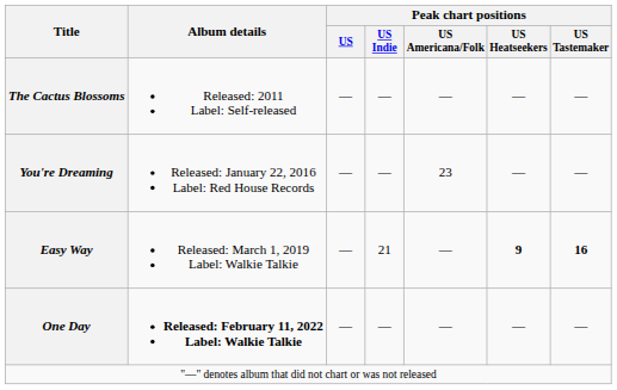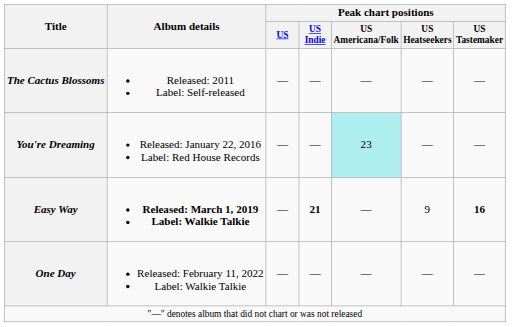 <table class="wikitable plainrowheaders" style="text-align:center;">
 <tr>
 <th rowspan="2" scope="col">Title</th>
 <th rowspan="2" scope="col">Album details</th>
 <th colspan="5" scope="col">Peak chart positions</th>
 </tr>
 <tr>
 <th scope="col" style="width:3em;font-size:85%;"><a href='#'>US</a></th>
 <th scope="col" style="width:3em;font-size:85%;"><a href='#'>US<br>Indie</a></th>
 <th scope="col" style="width:3em;font-size:85%;">US Americana/Folk</th>
 <th scope="col" style="width:3em;font-size:85%;">US Heatseekers</th>
 <th scope="col" style="width:3em;font-size:85%;">US Tastemaker</th>
 </tr>
 <tr>
 <th scope="row"><strong><em>The Cactus Blossoms</em></strong></th>
 <td><br><ul><li>Released: 2011</li><li>Label: Self-released</li></ul></td>
 <td>—</td>
 <td>—</td>
 <td>—</td>
 <td>—</td>
 <td>—</td>
 </tr>
 <tr>
 <th scope="row"><strong><em>You're Dreaming</em></strong></th>
 <td><br><ul><li>Released: January 22, 2016</li><li>Label: Red House Records</li></ul></td>
 <td>—</td>
 <td>—</td>
-<td>23</td>
+<td style="background: paleturquoise;">23</td>
 <td>—</td>
 <td>—</td>
 </tr>
 <tr>
 <th scope="row"><strong><em>Easy Way</em></strong></th>
-<td><br><ul><li>Released: March 1, 2019</li><li>Label: Walkie Talkie</li></ul></td>
+<td><strong><br><ul><li>Released: March 1, 2019</li><li>Label: Walkie Talkie</li></ul></strong></td>
 <td>—</td>
-<td>21</td>
+<td><strong>21</strong></td>
 <td>—</td>
-<td><strong>9</strong></td>
+<td>9</td>
 <td><strong>16</strong></td>
 </tr>
 <tr>
 <th scope="row"><strong><em>One Day</em></strong></th>
-<td><strong><br><ul><li>Released: February 11, 2022</li><li>Label: Walkie Talkie</li></ul></strong></td>
+<td><br><ul><li>Released: February 11, 2022</li><li>Label: Walkie Talkie</li></ul></td>
 <td>—</td>
 <td>—</td>
 <td>—</td>
 <td>—</td>
 <td>—</td>
 </tr>
 <tr>
 <td colspan="20" style="text-align:center; font-size:85%;">"—" denotes album that did not chart or was not released</td>
 </tr>
 </table>
